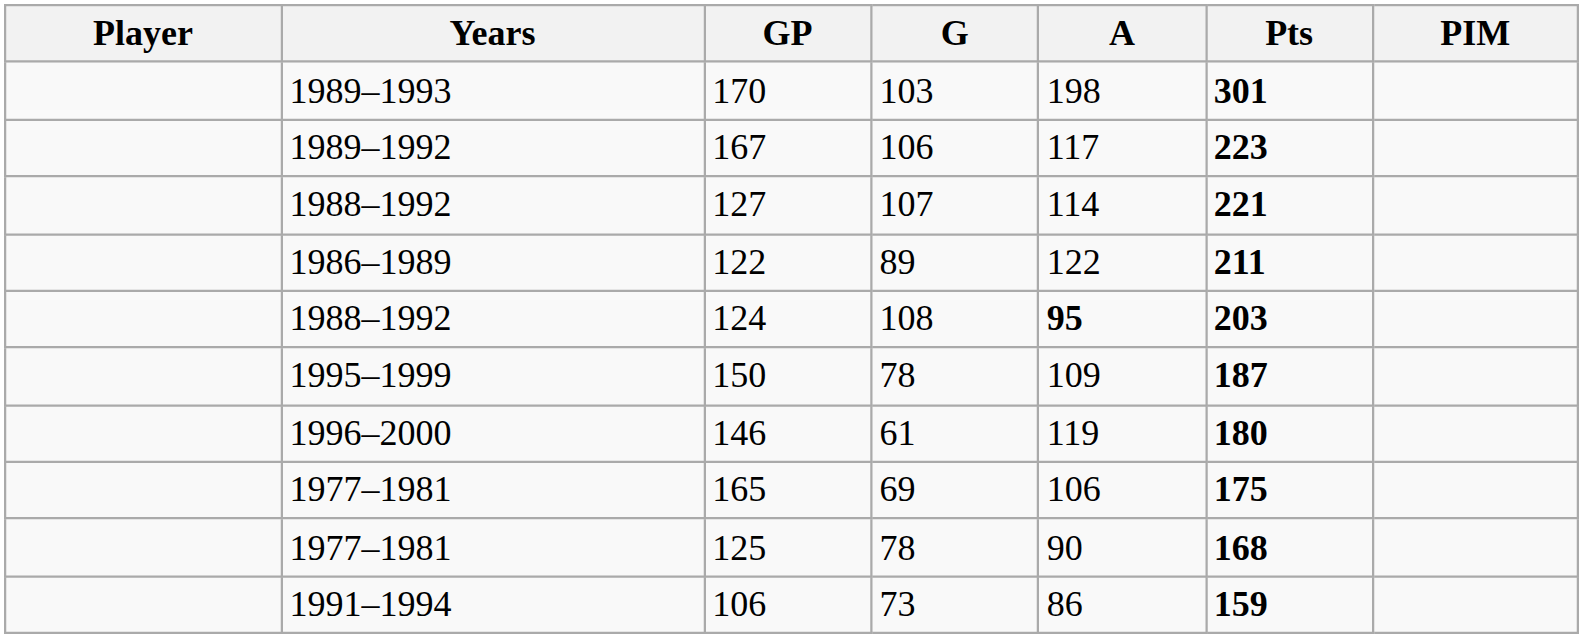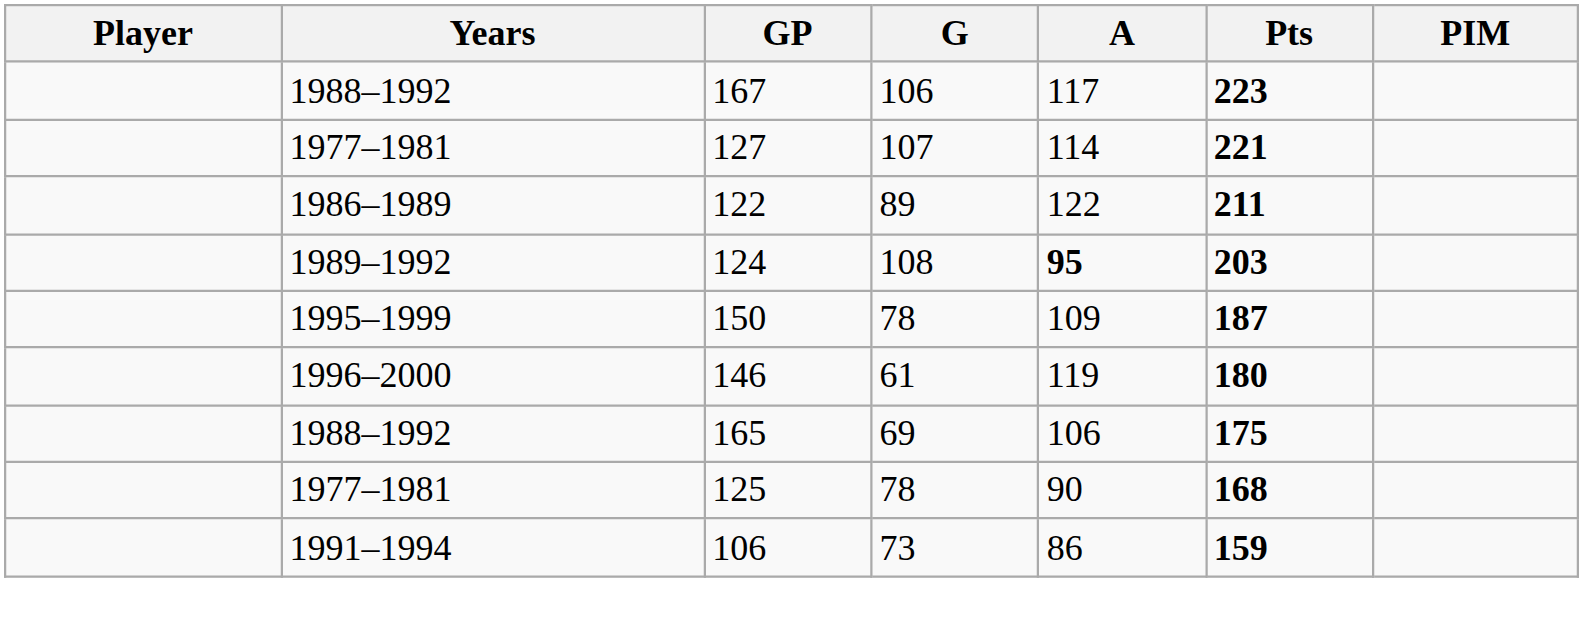 <table class="wikitable sortable" width ="700" cellpadding="1" border="1" cellspacing="0">
 <tr>
 <th>Player</th>
 <th>Years</th>
 <th>GP</th>
 <th>G</th>
 <th>A</th>
 <th>Pts</th>
 <th>PIM</th>
 </tr>
 <tr>
 <td></td>
-<td>1989–1993</td>
-<td>170</td>
-<td>103</td>
-<td>198</td>
-<td><strong>301</strong></td>
-<td></td>
-</tr>
-<tr>
-<td></td>
-<td>1989–1992</td>
+<td>1988–1992</td>
 <td>167</td>
 <td>106</td>
 <td>117</td>
 <td><strong>223</strong></td>
 <td></td>
 </tr>
 <tr>
 <td></td>
-<td>1988–1992</td>
+<td>1977–1981</td>
 <td>127</td>
 <td>107</td>
 <td>114</td>
 <td><strong>221</strong></td>
 <td></td>
 </tr>
 <tr>
 <td></td>
 <td>1986–1989</td>
 <td>122</td>
 <td>89</td>
 <td>122</td>
 <td><strong>211</strong></td>
 <td></td>
 </tr>
 <tr>
 <td></td>
-<td>1988–1992</td>
+<td>1989–1992</td>
 <td>124</td>
 <td>108</td>
 <td><strong>95</strong></td>
 <td><strong>203</strong></td>
 <td></td>
 </tr>
 <tr>
 <td></td>
 <td>1995–1999</td>
 <td>150</td>
 <td>78</td>
 <td>109</td>
 <td><strong>187</strong></td>
 <td></td>
 </tr>
 <tr>
 <td></td>
 <td>1996–2000</td>
 <td>146</td>
 <td>61</td>
 <td>119</td>
 <td><strong>180</strong></td>
 <td></td>
 </tr>
 <tr>
 <td></td>
-<td>1977–1981</td>
+<td>1988–1992</td>
 <td>165</td>
 <td>69</td>
 <td>106</td>
 <td><strong>175</strong></td>
 <td></td>
 </tr>
 <tr>
 <td></td>
 <td>1977–1981</td>
 <td>125</td>
 <td>78</td>
 <td>90</td>
 <td><strong>168</strong></td>
 <td></td>
 </tr>
 <tr>
 <td></td>
 <td>1991–1994</td>
 <td>106</td>
 <td>73</td>
 <td>86</td>
 <td><strong>159</strong></td>
 <td></td>
 </tr>
 </table>
